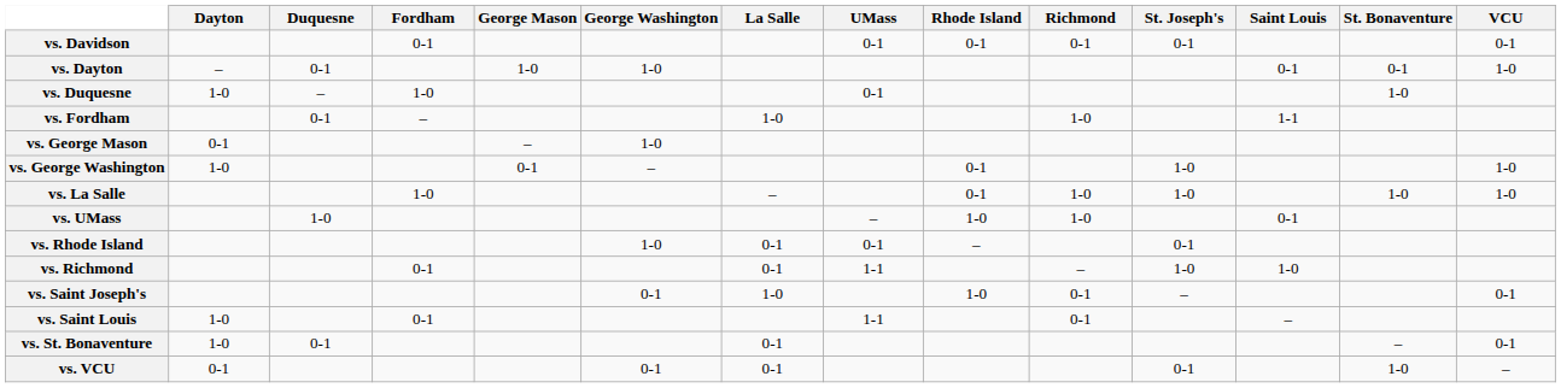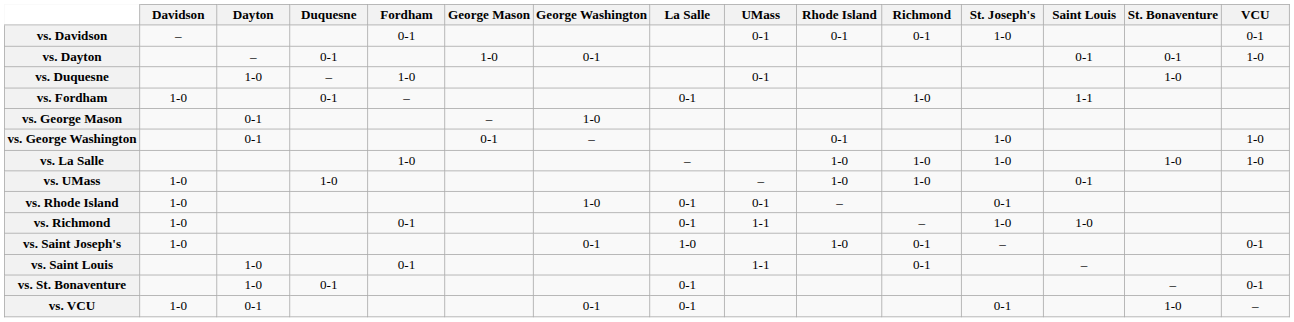 <table class="wikitable" style="white-space:nowrap;font-size:100%;">
 <tr>
 <th colspan="1" width="75" style="background:white; border-top-style:hidden; border-left-style:hidden;"> </th>
+<th width="100">Davidson</th>
 <th width="100" style="background:#">Dayton</th>
 <th width="100">Duquesne</th>
 <th width="100">Fordham</th>
 <th width="100">George Mason</th>
 <th width="100">George Washington</th>
 <th width="100">La Salle</th>
 <th width="100">UMass</th>
 <th width="100">Rhode Island</th>
 <th width="100">Richmond</th>
 <th width="100">St. Joseph's</th>
 <th width="100">Saint Louis</th>
 <th width="100">St. Bonaventure</th>
 <th width="100">VCU</th>
 </tr>
 <tr style="text-align:center;">
 <th>vs. Davidson</th>
+<td>–</td>
 <td></td>
 <td></td>
 <td>0-1</td>
 <td></td>
 <td></td>
 <td></td>
 <td>0-1</td>
 <td>0-1</td>
 <td>0-1</td>
-<td>0-1</td>
+<td>1-0</td>
 <td></td>
 <td></td>
 <td>0-1</td>
 </tr>
 <tr style="text-align:center;">
 <th>vs. Dayton</th>
+<td></td>
 <td>–</td>
 <td>0-1</td>
 <td></td>
 <td>1-0</td>
-<td>1-0</td>
+<td>0-1</td>
 <td></td>
 <td></td>
 <td></td>
 <td></td>
 <td></td>
 <td>0-1</td>
 <td>0-1</td>
 <td>1-0</td>
 </tr>
 <tr style="text-align:center;">
 <th>vs. Duquesne</th>
+<td></td>
 <td>1-0</td>
 <td>–</td>
 <td>1-0</td>
 <td></td>
 <td></td>
 <td></td>
 <td>0-1</td>
 <td></td>
 <td></td>
 <td></td>
 <td></td>
 <td>1-0</td>
 <td></td>
 </tr>
 <tr style="text-align:center;">
 <th>vs. Fordham</th>
+<td>1-0</td>
 <td></td>
 <td>0-1</td>
 <td>–</td>
 <td></td>
 <td></td>
-<td>1-0</td>
+<td>0-1</td>
 <td></td>
 <td></td>
 <td>1-0</td>
 <td></td>
 <td>1-1</td>
 <td></td>
 <td></td>
 </tr>
 <tr style="text-align:center;">
 <th>vs. George Mason</th>
+<td></td>
 <td>0-1</td>
 <td></td>
 <td></td>
 <td>–</td>
 <td>1-0</td>
 <td></td>
 <td></td>
 <td></td>
 <td></td>
 <td></td>
 <td></td>
 <td></td>
 <td></td>
 </tr>
 <tr style="text-align:center;">
 <th>vs. George Washington</th>
-<td>1-0</td>
+<td></td>
+<td>0-1</td>
 <td></td>
 <td></td>
 <td>0-1</td>
 <td>–</td>
 <td></td>
 <td></td>
 <td>0-1</td>
 <td></td>
 <td>1-0</td>
 <td></td>
 <td></td>
 <td>1-0</td>
 </tr>
 <tr style="text-align:center;">
 <th>vs. La Salle</th>
 <td></td>
 <td></td>
+<td></td>
 <td>1-0</td>
 <td></td>
 <td></td>
 <td>–</td>
 <td></td>
-<td>0-1</td>
+<td>1-0</td>
 <td>1-0</td>
 <td>1-0</td>
 <td></td>
 <td>1-0</td>
 <td>1-0</td>
 </tr>
 <tr style="text-align:center;">
 <th>vs. UMass</th>
+<td>1-0</td>
 <td></td>
 <td>1-0</td>
 <td></td>
 <td></td>
 <td></td>
 <td></td>
 <td>–</td>
 <td>1-0</td>
 <td>1-0</td>
 <td></td>
 <td>0-1</td>
 <td></td>
 <td></td>
 </tr>
 <tr style="text-align:center;">
 <th>vs. Rhode Island</th>
+<td>1-0</td>
 <td></td>
 <td></td>
 <td></td>
 <td></td>
 <td>1-0</td>
 <td>0-1</td>
 <td>0-1</td>
 <td>–</td>
 <td></td>
 <td>0-1</td>
 <td></td>
 <td></td>
 <td></td>
 </tr>
 <tr style="text-align:center;">
 <th>vs. Richmond</th>
+<td>1-0</td>
 <td></td>
 <td></td>
 <td>0-1</td>
 <td></td>
 <td></td>
 <td>0-1</td>
 <td>1-1</td>
 <td></td>
 <td>–</td>
 <td>1-0</td>
 <td>1-0</td>
 <td></td>
 <td></td>
 </tr>
 <tr style="text-align:center;">
 <th>vs. Saint Joseph's</th>
+<td>1-0</td>
 <td></td>
 <td></td>
 <td></td>
 <td></td>
 <td>0-1</td>
 <td>1-0</td>
 <td></td>
 <td>1-0</td>
 <td>0-1</td>
 <td>–</td>
 <td></td>
 <td></td>
 <td>0-1</td>
 </tr>
 <tr style="text-align:center;">
 <th>vs. Saint Louis</th>
+<td></td>
 <td>1-0</td>
 <td></td>
 <td>0-1</td>
 <td></td>
 <td></td>
 <td></td>
 <td>1-1</td>
 <td></td>
 <td>0-1</td>
 <td></td>
 <td>–</td>
 <td></td>
 <td></td>
 </tr>
 <tr style="text-align:center;">
 <th>vs. St. Bonaventure</th>
+<td></td>
 <td>1-0</td>
 <td>0-1</td>
 <td></td>
 <td></td>
 <td></td>
 <td>0-1</td>
 <td></td>
 <td></td>
 <td></td>
 <td></td>
 <td></td>
 <td>–</td>
 <td>0-1</td>
 </tr>
 <tr style="text-align:center;">
 <th>vs. VCU</th>
+<td>1-0</td>
 <td>0-1</td>
 <td></td>
 <td></td>
 <td></td>
 <td>0-1</td>
 <td>0-1</td>
 <td></td>
 <td></td>
 <td></td>
 <td>0-1</td>
 <td></td>
 <td>1-0</td>
 <td>–</td>
 </tr>
 </table>
